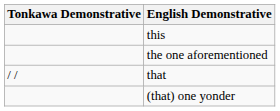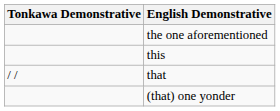 <table class="wikitable" style="text-‐align:center">
 <tr ‐>
 <th>Tonkawa Demonstrative</th>
 <th>English Demonstrative</th>
 </tr>
 <tr ‐>
 <td></td>
-<td>this</td>
+<td>the one aforementioned</td>
 </tr>
 <tr ‐>
 <td></td>
-<td>the one aforementioned</td>
+<td>this</td>
 </tr>
 <tr ‐>
 <td>/ / </td>
 <td>that</td>
 </tr>
 <tr ‐>
 <td></td>
 <td>(that) one yonder</td>
 </tr>
 </table>
